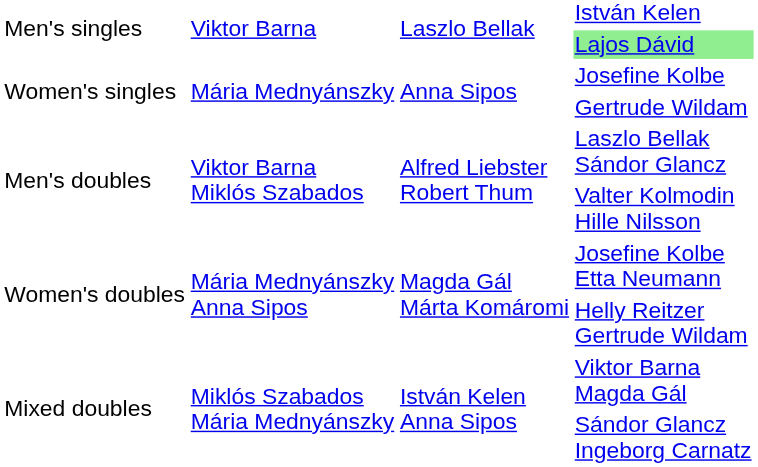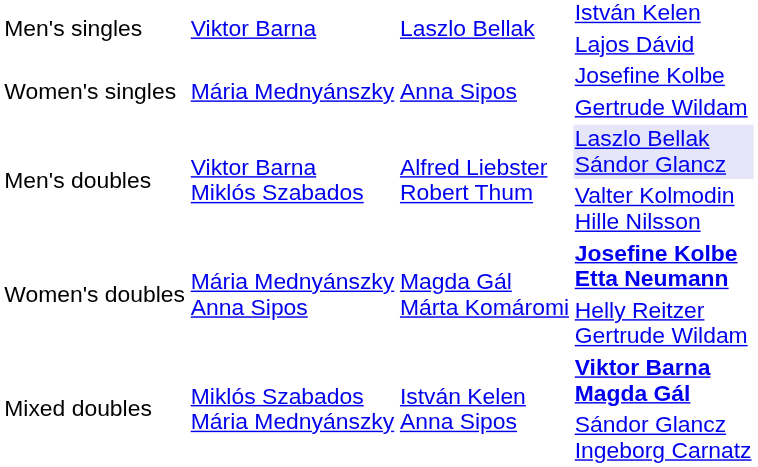 <table>
 <tr>
 <td rowspan=2>Men's singles <br></td>
 <td rowspan=2> <a href='#'>Viktor Barna</a></td>
 <td rowspan=2> <a href='#'>Laszlo Bellak</a></td>
 <td> <a href='#'>István Kelen</a></td>
 </tr>
 <tr>
-<td style="background: lightgreen;"> <a href='#'>Lajos Dávid</a></td>
+<td> <a href='#'>Lajos Dávid</a></td>
 </tr>
 <tr>
 <td rowspan=2>Women's singles <br></td>
 <td rowspan=2> <a href='#'>Mária Mednyánszky</a></td>
 <td rowspan=2> <a href='#'>Anna Sipos</a></td>
 <td> <a href='#'>Josefine Kolbe</a></td>
 </tr>
 <tr>
 <td> <a href='#'>Gertrude Wildam</a></td>
 </tr>
 <tr>
 <td rowspan=2>Men's doubles<br></td>
 <td rowspan=2> <a href='#'>Viktor Barna</a><br> <a href='#'>Miklós Szabados</a></td>
 <td rowspan=2> <a href='#'>Alfred Liebster</a><br> <a href='#'>Robert Thum</a></td>
-<td> <a href='#'>Laszlo Bellak</a><br> <a href='#'>Sándor Glancz</a></td>
+<td style="background: lavender;"> <a href='#'>Laszlo Bellak</a><br> <a href='#'>Sándor Glancz</a></td>
 </tr>
 <tr>
 <td> <a href='#'>Valter Kolmodin</a><br> <a href='#'>Hille Nilsson</a></td>
 </tr>
 <tr>
 <td rowspan=2>Women's doubles<br></td>
 <td rowspan=2> <a href='#'>Mária Mednyánszky</a><br> <a href='#'>Anna Sipos</a></td>
 <td rowspan=2> <a href='#'>Magda Gál</a><br> <a href='#'>Márta Komáromi</a></td>
-<td> <a href='#'>Josefine Kolbe</a><br> <a href='#'>Etta Neumann</a></td>
+<td><strong> <a href='#'>Josefine Kolbe</a><br> <a href='#'>Etta Neumann</a></strong></td>
 </tr>
 <tr>
 <td> <a href='#'>Helly Reitzer</a><br> <a href='#'>Gertrude Wildam</a></td>
 </tr>
 <tr>
 <td rowspan=2>Mixed doubles<br></td>
 <td rowspan=2> <a href='#'>Miklós Szabados</a><br> <a href='#'>Mária Mednyánszky</a></td>
 <td rowspan=2> <a href='#'>István Kelen</a><br> <a href='#'>Anna Sipos</a></td>
-<td> <a href='#'>Viktor Barna</a><br> <a href='#'>Magda Gál</a></td>
+<td><strong> <a href='#'>Viktor Barna</a><br> <a href='#'>Magda Gál</a></strong></td>
 </tr>
 <tr>
 <td> <a href='#'>Sándor Glancz</a><br> <a href='#'>Ingeborg Carnatz</a></td>
 </tr>
 </table>
